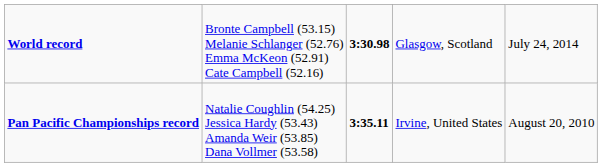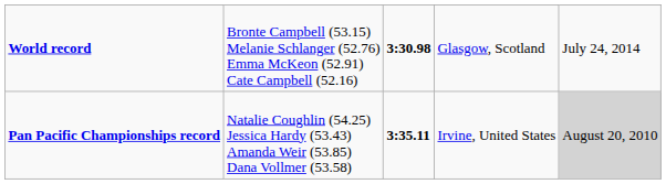 <table class="wikitable">
 <tr>
 <td><strong><a href='#'>World record</a></strong></td>
 <td><br><a href='#'>Bronte Campbell</a> (53.15)<br><a href='#'>Melanie Schlanger</a> (52.76)<br><a href='#'>Emma McKeon</a> (52.91)<br><a href='#'>Cate Campbell</a> (52.16)</td>
 <td><strong>3:30.98</strong></td>
 <td><a href='#'>Glasgow</a>, Scotland</td>
 <td>July 24, 2014</td>
 </tr>
 <tr>
 <td><strong><a href='#'>Pan Pacific Championships record</a></strong></td>
 <td><br><a href='#'>Natalie Coughlin</a> (54.25)<br><a href='#'>Jessica Hardy</a> (53.43)<br><a href='#'>Amanda Weir</a> (53.85)<br><a href='#'>Dana Vollmer</a> (53.58)</td>
 <td><strong>3:35.11</strong></td>
 <td><a href='#'>Irvine</a>, United States</td>
-<td>August 20, 2010</td>
+<td style="background: lightgrey;">August 20, 2010</td>
 </tr>
 </table>
